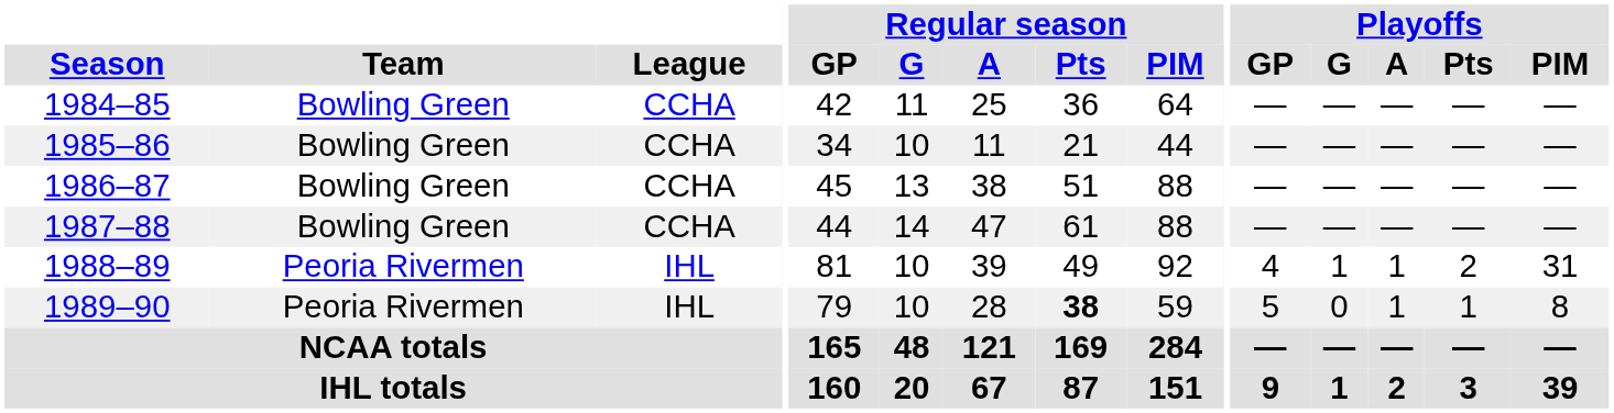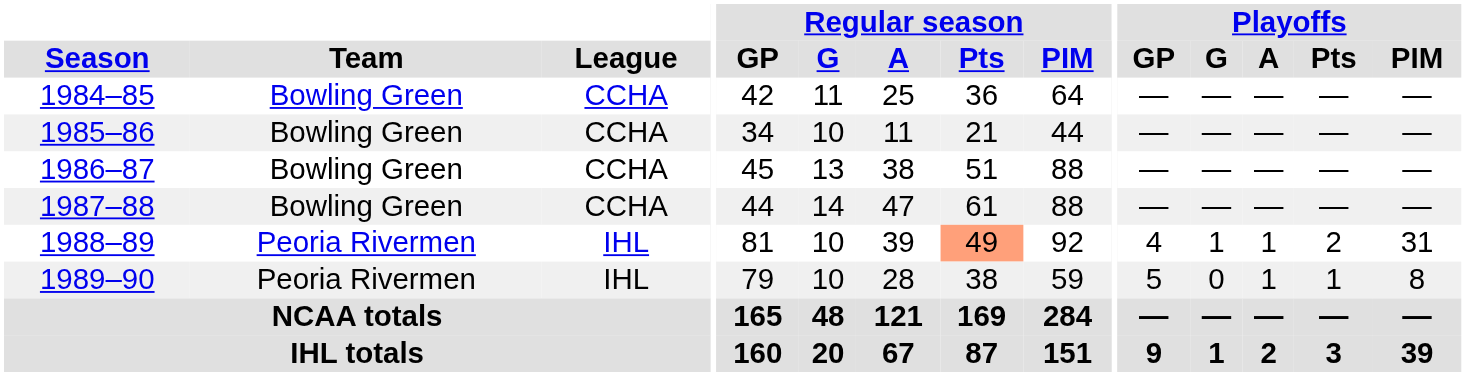 <table border="0" cellpadding="1" cellspacing="0" style="text-align:center; width:50%">
 <tr bgcolor="#e0e0e0">
 <th colspan="3" bgcolor="#ffffff"></th>
 <th rowspan="99" bgcolor="#ffffff"></th>
 <th colspan="5"><a href='#'>Regular season</a></th>
 <th rowspan="99" bgcolor="#ffffff"></th>
 <th colspan="5"><a href='#'>Playoffs</a></th>
 </tr>
 <tr bgcolor="#e0e0e0">
 <th><a href='#'>Season</a></th>
 <th>Team</th>
 <th>League</th>
 <th>GP</th>
 <th><a href='#'>G</a></th>
 <th><a href='#'>A</a></th>
 <th><a href='#'>Pts</a></th>
 <th><a href='#'>PIM</a></th>
 <th>GP</th>
 <th>G</th>
 <th>A</th>
 <th>Pts</th>
 <th>PIM</th>
 </tr>
 <tr ALIGN="center">
 <td><a href='#'>1984–85</a></td>
 <td><a href='#'>Bowling Green</a></td>
 <td><a href='#'>CCHA</a></td>
 <td>42</td>
 <td>11</td>
 <td>25</td>
 <td>36</td>
 <td>64</td>
 <td>—</td>
 <td>—</td>
 <td>—</td>
 <td>—</td>
 <td>—</td>
 </tr>
 <tr ALIGN="center" bgcolor="#f0f0f0">
 <td><a href='#'>1985–86</a></td>
 <td>Bowling Green</td>
 <td>CCHA</td>
 <td>34</td>
 <td>10</td>
 <td>11</td>
 <td>21</td>
 <td>44</td>
 <td>—</td>
 <td>—</td>
 <td>—</td>
 <td>—</td>
 <td>—</td>
 </tr>
 <tr ALIGN="center">
 <td><a href='#'>1986–87</a></td>
 <td>Bowling Green</td>
 <td>CCHA</td>
 <td>45</td>
 <td>13</td>
 <td>38</td>
 <td>51</td>
 <td>88</td>
 <td>—</td>
 <td>—</td>
 <td>—</td>
 <td>—</td>
 <td>—</td>
 </tr>
 <tr ALIGN="center" bgcolor="#f0f0f0">
 <td><a href='#'>1987–88</a></td>
 <td>Bowling Green</td>
 <td>CCHA</td>
 <td>44</td>
 <td>14</td>
 <td>47</td>
 <td>61</td>
 <td>88</td>
 <td>—</td>
 <td>—</td>
 <td>—</td>
 <td>—</td>
 <td>—</td>
 </tr>
 <tr ALIGN="center">
 <td><a href='#'>1988–89</a></td>
 <td><a href='#'>Peoria Rivermen</a></td>
 <td><a href='#'>IHL</a></td>
 <td>81</td>
 <td>10</td>
 <td>39</td>
-<td>49</td>
+<td style="background: lightsalmon;">49</td>
 <td>92</td>
 <td>4</td>
 <td>1</td>
 <td>1</td>
 <td>2</td>
 <td>31</td>
 </tr>
 <tr ALIGN="center" bgcolor="#f0f0f0">
 <td><a href='#'>1989–90</a></td>
 <td>Peoria Rivermen</td>
 <td>IHL</td>
 <td>79</td>
 <td>10</td>
 <td>28</td>
-<td><strong>38</strong></td>
+<td>38</td>
 <td>59</td>
 <td>5</td>
 <td>0</td>
 <td>1</td>
 <td>1</td>
 <td>8</td>
 </tr>
 <tr bgcolor="#e0e0e0">
 <th colspan="3">NCAA totals</th>
 <th>165</th>
 <th>48</th>
 <th>121</th>
 <th>169</th>
 <th>284</th>
 <th>—</th>
 <th>—</th>
 <th>—</th>
 <th>—</th>
 <th>—</th>
 </tr>
 <tr bgcolor="#e0e0e0">
 <th colspan="3">IHL totals</th>
 <th>160</th>
 <th>20</th>
 <th>67</th>
 <th>87</th>
 <th>151</th>
 <th>9</th>
 <th>1</th>
 <th>2</th>
 <th>3</th>
 <th>39</th>
 </tr>
 </table>
